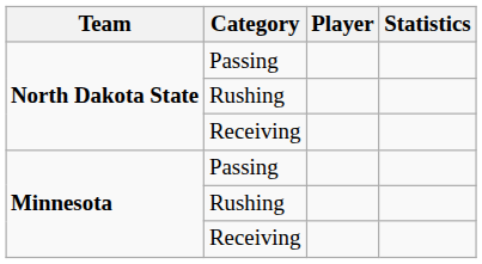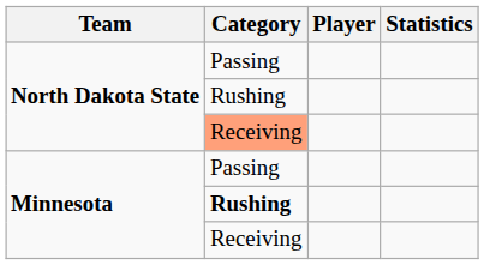 <table class="wikitable" style="float: right;">
 <tr>
 <th>Team</th>
 <th>Category</th>
 <th>Player</th>
 <th>Statistics</th>
 </tr>
 <tr>
 <td rowspan=3><strong>North Dakota State</strong></td>
 <td>Passing</td>
 <td></td>
 <td></td>
 </tr>
 <tr>
 <td>Rushing</td>
 <td></td>
 <td></td>
 </tr>
 <tr>
-<td>Receiving</td>
+<td style="background: lightsalmon;">Receiving</td>
 <td></td>
 <td></td>
 </tr>
 <tr>
 <td rowspan=3><strong>Minnesota</strong></td>
 <td>Passing</td>
 <td></td>
 <td></td>
 </tr>
 <tr>
-<td>Rushing</td>
+<td><strong>Rushing</strong></td>
 <td></td>
 <td></td>
 </tr>
 <tr>
 <td>Receiving</td>
 <td></td>
 <td></td>
 </tr>
 </table>
